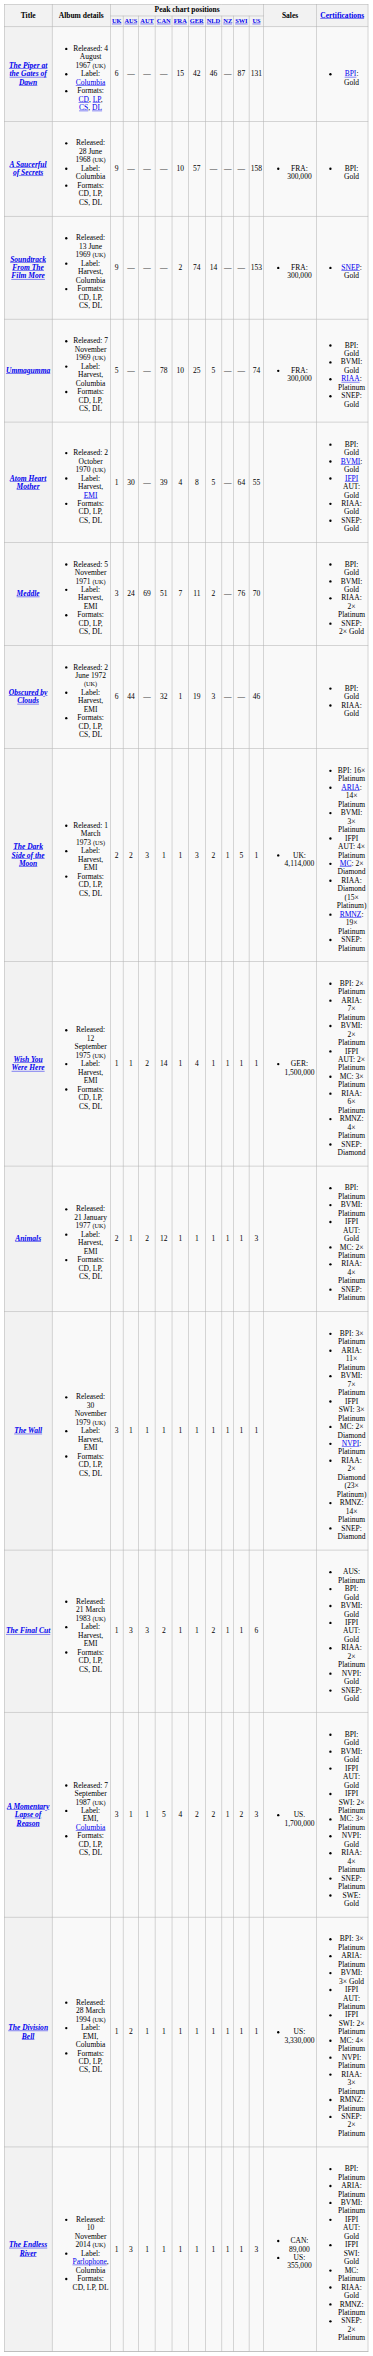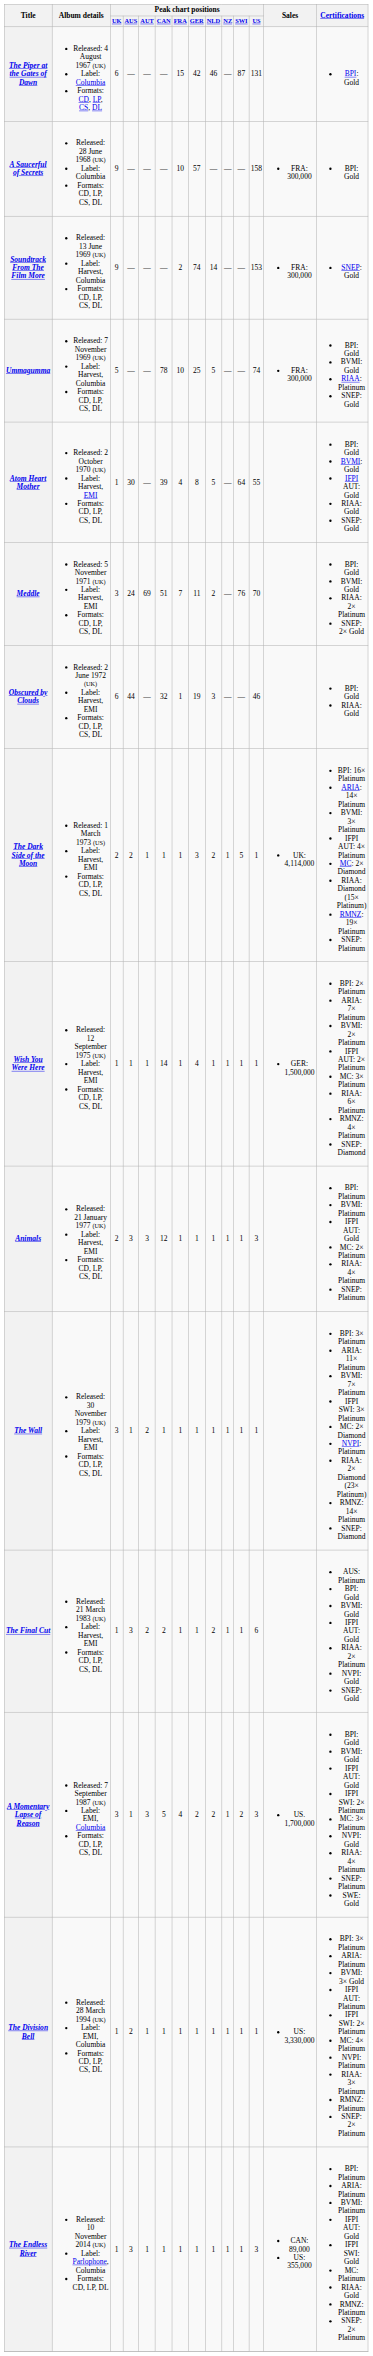 <table class="wikitable plainrowheaders" style="text-align:center;">
 <tr>
 <th scope="col" rowspan="2" style="width:14em;">Title</th>
 <th scope="col" rowspan="2" style="width:18em;">Album details</th>
 <th scope="col" colspan="10">Peak chart positions</th>
 <th scope="col" rowspan="2" style="width:10em;">Sales</th>
 <th scope="col" rowspan="2" style="width:14em;"><a href='#'>Certifications</a></th>
 </tr>
 <tr>
 <th scope="col" style="width:2.5em;font-size:85%;"><a href='#'>UK</a><br></th>
 <th scope="col" style="width:2.5em;font-size:85%;"><a href='#'>AUS</a><br></th>
 <th scope="col" style="width:2.5em;font-size:85%;"><a href='#'>AUT</a><br></th>
 <th scope="col" style="width:2.5em;font-size:85%;"><a href='#'>CAN</a><br></th>
 <th scope="col" style="width:2.5em;font-size:85%;"><a href='#'>FRA</a><br></th>
 <th scope="col" style="width:2.5em;font-size:85%;"><a href='#'>GER</a><br></th>
 <th scope="col" style="width:2.5em;font-size:85%;"><a href='#'>NLD</a><br></th>
 <th scope="col" style="width:2.5em;font-size:85%;"><a href='#'>NZ</a><br></th>
 <th scope="col" style="width:2.5em;font-size:85%;"><a href='#'>SWI</a><br></th>
 <th scope="col" style="width:2.5em;font-size:85%;"><a href='#'>US</a><br></th>
 </tr>
 <tr>
 <th scope="row"><em><a href='#'>The Piper at the Gates of Dawn</a></em></th>
 <td><br><ul><li>Released: 4 August 1967 <small>(UK)</small></li><li>Label: <a href='#'>Columbia</a></li><li>Formats: <a href='#'>CD</a>, <a href='#'>LP</a>, <a href='#'>CS</a>, <a href='#'>DL</a></li></ul></td>
 <td>6</td>
 <td>—</td>
 <td>—</td>
 <td>—</td>
 <td>15</td>
 <td>42</td>
 <td>46</td>
 <td>—</td>
 <td>87</td>
 <td>131</td>
 <td></td>
 <td><br><ul><li><a href='#'>BPI</a>: Gold</li></ul></td>
 </tr>
 <tr>
 <th scope="row"><em><a href='#'>A Saucerful of Secrets</a></em></th>
 <td><br><ul><li>Released: 28 June 1968 <small>(UK)</small></li><li>Label: Columbia</li><li>Formats: CD, LP, CS, DL</li></ul></td>
 <td>9</td>
 <td>—</td>
 <td>—</td>
 <td>—</td>
 <td>10</td>
 <td>57</td>
 <td>—</td>
 <td>—</td>
 <td>—</td>
 <td>158</td>
 <td><br><ul><li>FRA: 300,000</li></ul></td>
 <td><br><ul><li>BPI: Gold</li></ul></td>
 </tr>
 <tr>
 <th scope="row"><em><a href='#'>Soundtrack From The Film More</a></em></th>
 <td><br><ul><li>Released: 13 June 1969 <small>(UK)</small></li><li>Label: Harvest, Columbia</li><li>Formats: CD, LP, CS, DL</li></ul></td>
 <td>9</td>
 <td>—</td>
 <td>—</td>
 <td>—</td>
 <td>2</td>
 <td>74</td>
 <td>14</td>
 <td>—</td>
 <td>—</td>
 <td>153</td>
 <td><br><ul><li>FRA: 300,000</li></ul></td>
 <td><br><ul><li><a href='#'>SNEP</a>: Gold</li></ul></td>
 </tr>
 <tr>
 <th scope="row"><em><a href='#'>Ummagumma</a></em></th>
 <td><br><ul><li>Released: 7 November 1969 <small>(UK)</small></li><li>Label: Harvest, Columbia</li><li>Formats: CD, LP, CS, DL</li></ul></td>
 <td>5</td>
 <td>—</td>
 <td>—</td>
 <td>78</td>
 <td>10</td>
 <td>25</td>
 <td>5</td>
 <td>—</td>
 <td>—</td>
 <td>74</td>
 <td><br><ul><li>FRA: 300,000</li></ul></td>
 <td><br><ul><li>BPI: Gold</li><li>BVMI: Gold</li><li><a href='#'>RIAA</a>: Platinum</li><li>SNEP: Gold</li></ul></td>
 </tr>
 <tr>
 <th scope="row"><em><a href='#'>Atom Heart Mother</a></em></th>
 <td><br><ul><li>Released: 2 October 1970 <small>(UK)</small></li><li>Label: Harvest, <a href='#'>EMI</a></li><li>Formats: CD, LP, CS, DL</li></ul></td>
 <td>1</td>
 <td>30</td>
 <td>—</td>
 <td>39</td>
 <td>4</td>
 <td>8</td>
 <td>5</td>
 <td>—</td>
 <td>64</td>
 <td>55</td>
 <td></td>
 <td><br><ul><li>BPI: Gold</li><li><a href='#'>BVMI</a>: Gold</li><li><a href='#'>IFPI</a> AUT: Gold</li><li>RIAA: Gold</li><li>SNEP: Gold</li></ul></td>
 </tr>
 <tr>
 <th scope="row"><em><a href='#'>Meddle</a></em></th>
 <td><br><ul><li>Released: 5 November 1971 <small>(UK)</small></li><li>Label: Harvest, EMI</li><li>Formats: CD, LP, CS, DL</li></ul></td>
 <td>3</td>
 <td>24</td>
 <td>69</td>
 <td>51</td>
 <td>7</td>
 <td>11</td>
 <td>2</td>
 <td>—</td>
 <td>76</td>
 <td>70</td>
 <td></td>
 <td><br><ul><li>BPI: Gold</li><li>BVMI: Gold</li><li>RIAA: 2× Platinum</li><li>SNEP: 2× Gold</li></ul></td>
 </tr>
 <tr>
 <th scope="row"><em><a href='#'>Obscured by Clouds</a></em></th>
 <td><br><ul><li>Released: 2 June 1972 <small>(UK)</small></li><li>Label: Harvest, EMI</li><li>Formats: CD, LP, CS, DL</li></ul></td>
 <td>6</td>
 <td>44</td>
 <td>—</td>
 <td>32</td>
 <td>1</td>
 <td>19</td>
 <td>3</td>
 <td>—</td>
 <td>—</td>
 <td>46</td>
 <td></td>
 <td><br><ul><li>BPI: Gold</li><li>RIAA: Gold</li></ul></td>
 </tr>
 <tr>
 <th scope="row"><em><a href='#'>The Dark Side of the Moon</a></em></th>
 <td><br><ul><li>Released: 1 March 1973 <small>(US)</small></li><li>Label: Harvest, EMI</li><li>Formats: CD, LP, CS, DL</li></ul></td>
 <td>2</td>
 <td>2</td>
-<td>3</td>
+<td>1</td>
 <td>1</td>
 <td>1</td>
 <td>3</td>
 <td>2</td>
 <td>1</td>
 <td>5</td>
 <td>1</td>
 <td><br><ul><li>UK: 4,114,000</li></ul></td>
 <td><br><ul><li>BPI: 16× Platinum</li><li><a href='#'>ARIA</a>: 14× Platinum</li><li>BVMI: 3× Platinum</li><li>IFPI AUT: 4× Platinum</li><li><a href='#'>MC</a>: 2× Diamond</li><li>RIAA: Diamond (15× Platinum)</li><li><a href='#'>RMNZ</a>: 19× Platinum</li><li>SNEP: Platinum</li></ul></td>
 </tr>
 <tr>
 <th scope="row"><em><a href='#'>Wish You Were Here</a></em></th>
 <td><br><ul><li>Released: 12 September 1975 <small>(UK)</small></li><li>Label: Harvest, EMI</li><li>Formats: CD, LP, CS, DL</li></ul></td>
 <td>1</td>
 <td>1</td>
-<td>2</td>
+<td>1</td>
 <td>14</td>
 <td>1</td>
 <td>4</td>
 <td>1</td>
 <td>1</td>
 <td>1</td>
 <td>1</td>
 <td><br><ul><li>GER: 1,500,000</li></ul></td>
 <td><br><ul><li>BPI: 2× Platinum</li><li>ARIA: 7× Platinum</li><li>BVMI: 2× Platinum</li><li>IFPI AUT: 2× Platinum</li><li>MC: 3× Platinum</li><li>RIAA: 6× Platinum</li><li>RMNZ: 4× Platinum</li><li>SNEP: Diamond</li></ul></td>
 </tr>
 <tr>
 <th scope="row"><em><a href='#'>Animals</a></em></th>
 <td><br><ul><li>Released: 21 January 1977 <small>(UK)</small></li><li>Label: Harvest, EMI</li><li>Formats: CD, LP, CS, DL</li></ul></td>
 <td>2</td>
-<td>1</td>
-<td>2</td>
+<td>3</td>
+<td>3</td>
 <td>12</td>
 <td>1</td>
 <td>1</td>
 <td>1</td>
 <td>1</td>
 <td>1</td>
 <td>3</td>
 <td></td>
 <td><br><ul><li>BPI: Platinum</li><li>BVMI: Platinum</li><li>IFPI AUT: Gold</li><li>MC: 2× Platinum</li><li>RIAA: 4× Platinum</li><li>SNEP: Platinum</li></ul></td>
 </tr>
 <tr>
 <th scope="row"><em><a href='#'>The Wall</a></em></th>
 <td><br><ul><li>Released: 30 November 1979 <small>(UK)</small></li><li>Label: Harvest, EMI</li><li>Formats: CD, LP, CS, DL</li></ul></td>
 <td>3</td>
 <td>1</td>
-<td>1</td>
+<td>2</td>
 <td>1</td>
 <td>1</td>
 <td>1</td>
 <td>1</td>
 <td>1</td>
 <td>1</td>
 <td>1</td>
 <td></td>
 <td><br><ul><li>BPI: 3× Platinum</li><li>ARIA: 11× Platinum</li><li>BVMI: 7× Platinum</li><li>IFPI SWI: 3× Platinum</li><li>MC: 2× Diamond</li><li><a href='#'>NVPI</a>: Platinum</li><li>RIAA: 2× Diamond (23× Platinum)</li><li>RMNZ: 14× Platinum</li><li>SNEP: Diamond</li></ul></td>
 </tr>
 <tr>
 <th scope="row"><em><a href='#'>The Final Cut</a></em></th>
 <td><br><ul><li>Released: 21 March 1983 <small>(UK)</small></li><li>Label: Harvest, EMI</li><li>Formats: CD, LP, CS, DL</li></ul></td>
 <td>1</td>
 <td>3</td>
-<td>3</td>
+<td>2</td>
 <td>2</td>
 <td>1</td>
 <td>1</td>
 <td>2</td>
 <td>1</td>
 <td>1</td>
 <td>6</td>
 <td></td>
 <td><br><ul><li>AUS: Platinum</li><li>BPI: Gold</li><li>BVMI: Gold</li><li>IFPI AUT: Gold</li><li>RIAA: 2× Platinum</li><li>NVPI: Gold</li><li>SNEP: Gold</li></ul></td>
 </tr>
 <tr>
 <th scope="row"><em><a href='#'>A Momentary Lapse of Reason</a></em></th>
 <td><br><ul><li>Released: 7 September 1987 <small>(UK)</small></li><li>Label: EMI, <a href='#'>Columbia</a></li><li>Formats: CD, LP, CS, DL</li></ul></td>
 <td>3</td>
 <td>1</td>
-<td>1</td>
+<td>3</td>
 <td>5</td>
 <td>4</td>
 <td>2</td>
 <td>2</td>
 <td>1</td>
 <td>2</td>
 <td>3</td>
 <td><br><ul><li>US. 1,700,000</li></ul></td>
 <td><br><ul><li>BPI: Gold</li><li>BVMI: Gold</li><li>IFPI AUT: Gold</li><li>IFPI SWI: 2× Platinum</li><li>MC: 3× Platinum</li><li>NVPI: Gold</li><li>RIAA: 4× Platinum</li><li>SNEP: Platinum</li><li>SWE: Gold </li></ul></td>
 </tr>
 <tr>
 <th scope="row"><em><a href='#'>The Division Bell</a></em></th>
 <td><br><ul><li>Released: 28 March 1994 <small>(UK)</small></li><li>Label: EMI, Columbia</li><li>Formats: CD, LP, CS, DL</li></ul></td>
 <td>1</td>
 <td>2</td>
 <td>1</td>
 <td>1</td>
 <td>1</td>
 <td>1</td>
 <td>1</td>
 <td>1</td>
 <td>1</td>
 <td>1</td>
 <td><br><ul><li>US: 3,330,000</li></ul></td>
 <td><br><ul><li>BPI: 3× Platinum</li><li>ARIA: Platinum</li><li>BVMI: 3× Gold</li><li>IFPI AUT: Platinum</li><li>IFPI SWI: 2× Platinum</li><li>MC: 4× Platinum</li><li>NVPI: Platinum</li><li>RIAA: 3× Platinum</li><li>RMNZ: Platinum</li><li>SNEP: 2× Platinum</li></ul></td>
 </tr>
 <tr>
 <th scope="row"><em><a href='#'>The Endless River</a></em></th>
 <td><br><ul><li>Released: 10 November 2014 <small>(UK)</small></li><li>Label: <a href='#'>Parlophone</a>, Columbia</li><li>Formats: CD, LP, DL</li></ul></td>
 <td>1</td>
 <td>3</td>
 <td>1</td>
 <td>1</td>
 <td>1</td>
 <td>1</td>
 <td>1</td>
 <td>1</td>
 <td>1</td>
 <td>3</td>
 <td><br><ul><li>CAN: 89,000</li><li>US: 355,000</li></ul></td>
 <td><br><ul><li>BPI: Platinum</li><li>ARIA: Platinum</li><li>BVMI: Platinum</li><li>IFPI AUT: Gold</li><li>IFPI SWI: Gold</li><li>MC: Platinum</li><li>RIAA: Gold</li><li>RMNZ: Platinum</li><li>SNEP: 2× Platinum</li></ul></td>
 </tr>
 <tr>
 </tr>
 </table>
